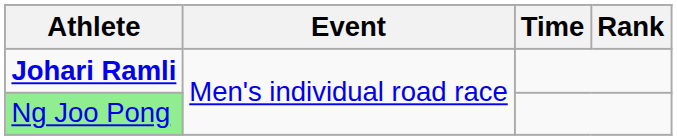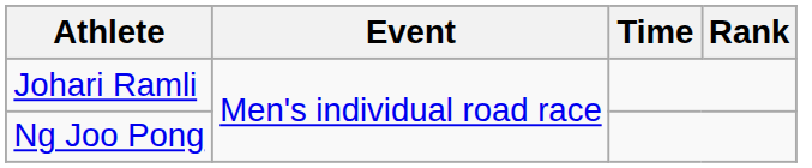 <table class=wikitable style="font-size:90%;">
 <tr>
 <th>Athlete</th>
 <th>Event</th>
 <th>Time</th>
 <th>Rank</th>
 </tr>
 <tr align=center>
-<td align=left><strong><a href='#'>Johari Ramli</a></strong></td>
+<td align=left><a href='#'>Johari Ramli</a></td>
 <td align=left rowspan=2><a href='#'>Men's individual road race</a></td>
 <td colspan=2></td>
 </tr>
 <tr align=center>
-<td align=left style="background: lightgreen;"><a href='#'>Ng Joo Pong</a></td>
+<td align=left><a href='#'>Ng Joo Pong</a></td>
 <td colspan=2></td>
 </tr>
 </table>
